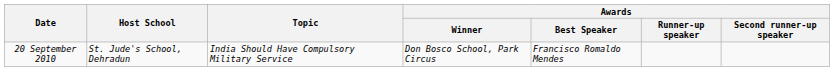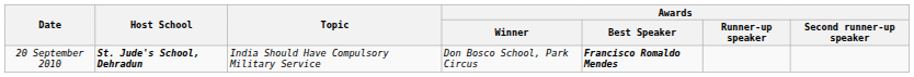 <table class="wikitable">
 <tr>
 <th rowspan="2">Date</th>
 <th rowspan="2">Host School</th>
 <th rowspan="2">Topic</th>
 <th colspan="4">Awards</th>
 </tr>
 <tr>
 <th>Winner</th>
 <th>Best Speaker</th>
 <th>Runner-up speaker</th>
 <th>Second runner-up speaker</th>
 </tr>
 <tr>
 <td align="center"><em>20 September 2010</em></td>
-<td><em>St. Jude's School, Dehradun</em></td>
+<td><strong><em>St. Jude's School, Dehradun</em></strong></td>
 <td><em>India Should Have Compulsory Military Service</em></td>
 <td><em>Don Bosco School, Park Circus</em></td>
-<td><em>Francisco Romaldo Mendes</em></td>
+<td><strong><em>Francisco Romaldo Mendes</em></strong></td>
 <td></td>
 <td></td>
 </tr>
 </table>
